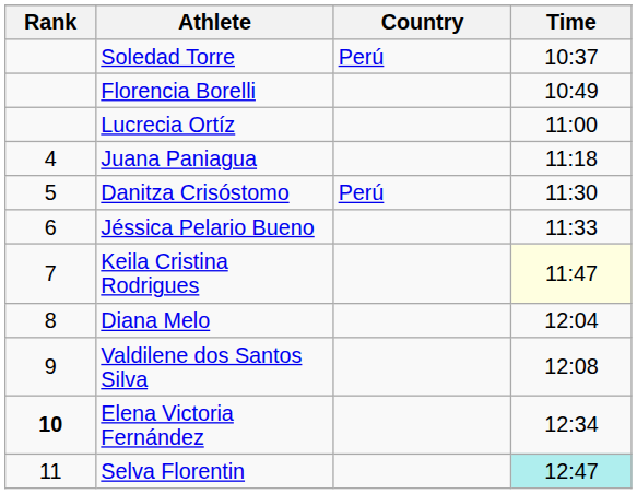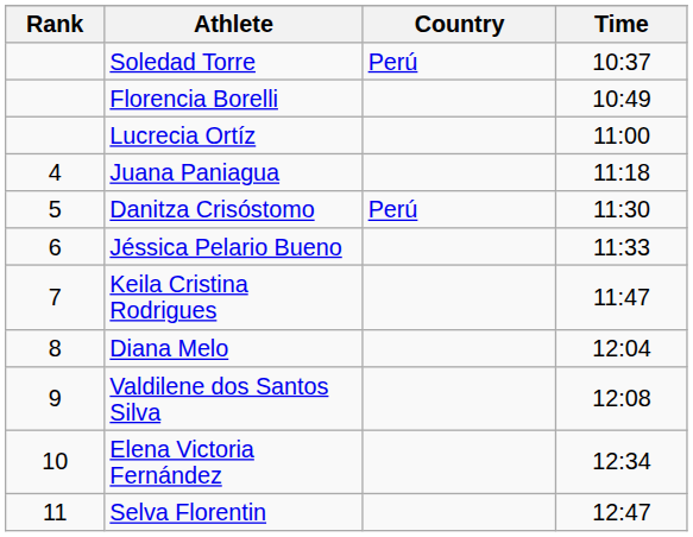 <table class="wikitable sortable" style=" text-align:center; font-size:95%;" width="50%">
 <tr>
 </tr>
 <tr>
 <th width=5%>Rank</th>
 <th width=20%>Athlete</th>
 <th width=15%>Country</th>
 <th width=10%>Time</th>
 </tr>
 <tr>
 <td align=center></td>
 <td align=left><a href='#'>Soledad Torre</a></td>
 <td align=left> <a href='#'>Perú</a></td>
 <td>10:37</td>
 </tr>
 <tr>
 <td align=center></td>
 <td align=left><a href='#'>Florencia Borelli</a></td>
 <td align=left></td>
 <td>10:49</td>
 </tr>
 <tr>
 <td align=center></td>
 <td align=left><a href='#'>Lucrecia Ortíz</a></td>
 <td align=left></td>
 <td>11:00</td>
 </tr>
 <tr>
 <td align=center>4</td>
 <td align=left><a href='#'>Juana Paniagua</a></td>
 <td align=left></td>
 <td>11:18</td>
 </tr>
 <tr>
 <td align=center>5</td>
 <td align=left><a href='#'>Danitza Crisóstomo</a></td>
 <td align=left> <a href='#'>Perú</a></td>
 <td>11:30</td>
 </tr>
 <tr>
 <td align=center>6</td>
 <td align=left><a href='#'>Jéssica Pelario Bueno</a></td>
 <td align=left></td>
 <td>11:33</td>
 </tr>
 <tr>
 <td align=center>7</td>
 <td align=left><a href='#'>Keila Cristina Rodrigues</a></td>
 <td align=left></td>
-<td style="background: lightyellow;">11:47</td>
+<td>11:47</td>
 </tr>
 <tr>
 <td align=center>8</td>
 <td align=left><a href='#'>Diana Melo</a></td>
 <td align=left></td>
 <td>12:04</td>
 </tr>
 <tr>
 <td align=center>9</td>
 <td align=left><a href='#'>Valdilene dos Santos Silva</a></td>
 <td align=left></td>
 <td>12:08</td>
 </tr>
 <tr>
-<td align=center><strong>10</strong></td>
+<td align=center>10</td>
 <td align=left><a href='#'>Elena Victoria Fernández</a></td>
 <td align=left></td>
 <td>12:34</td>
 </tr>
 <tr>
 <td align=center>11</td>
 <td align=left><a href='#'>Selva Florentin</a></td>
 <td align=left></td>
-<td style="background: paleturquoise;">12:47</td>
+<td>12:47</td>
 </tr>
 </table>
